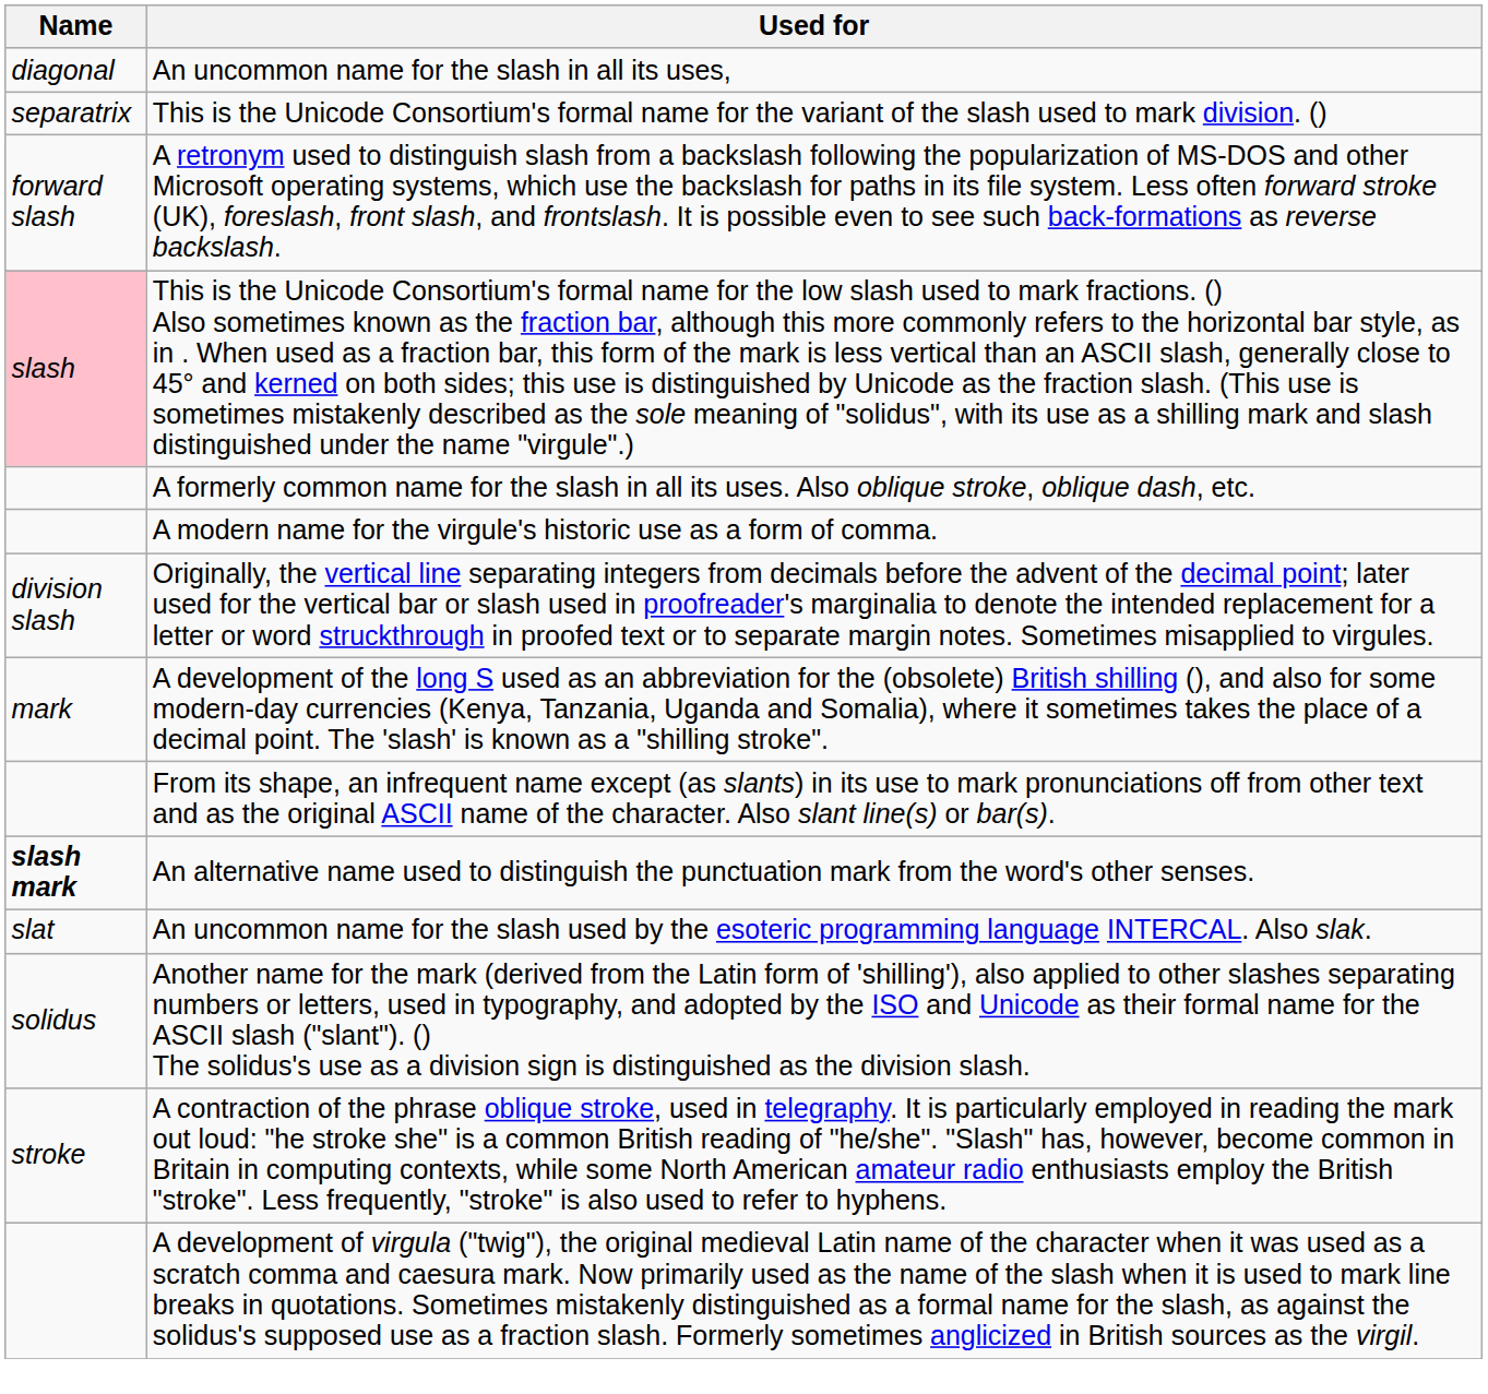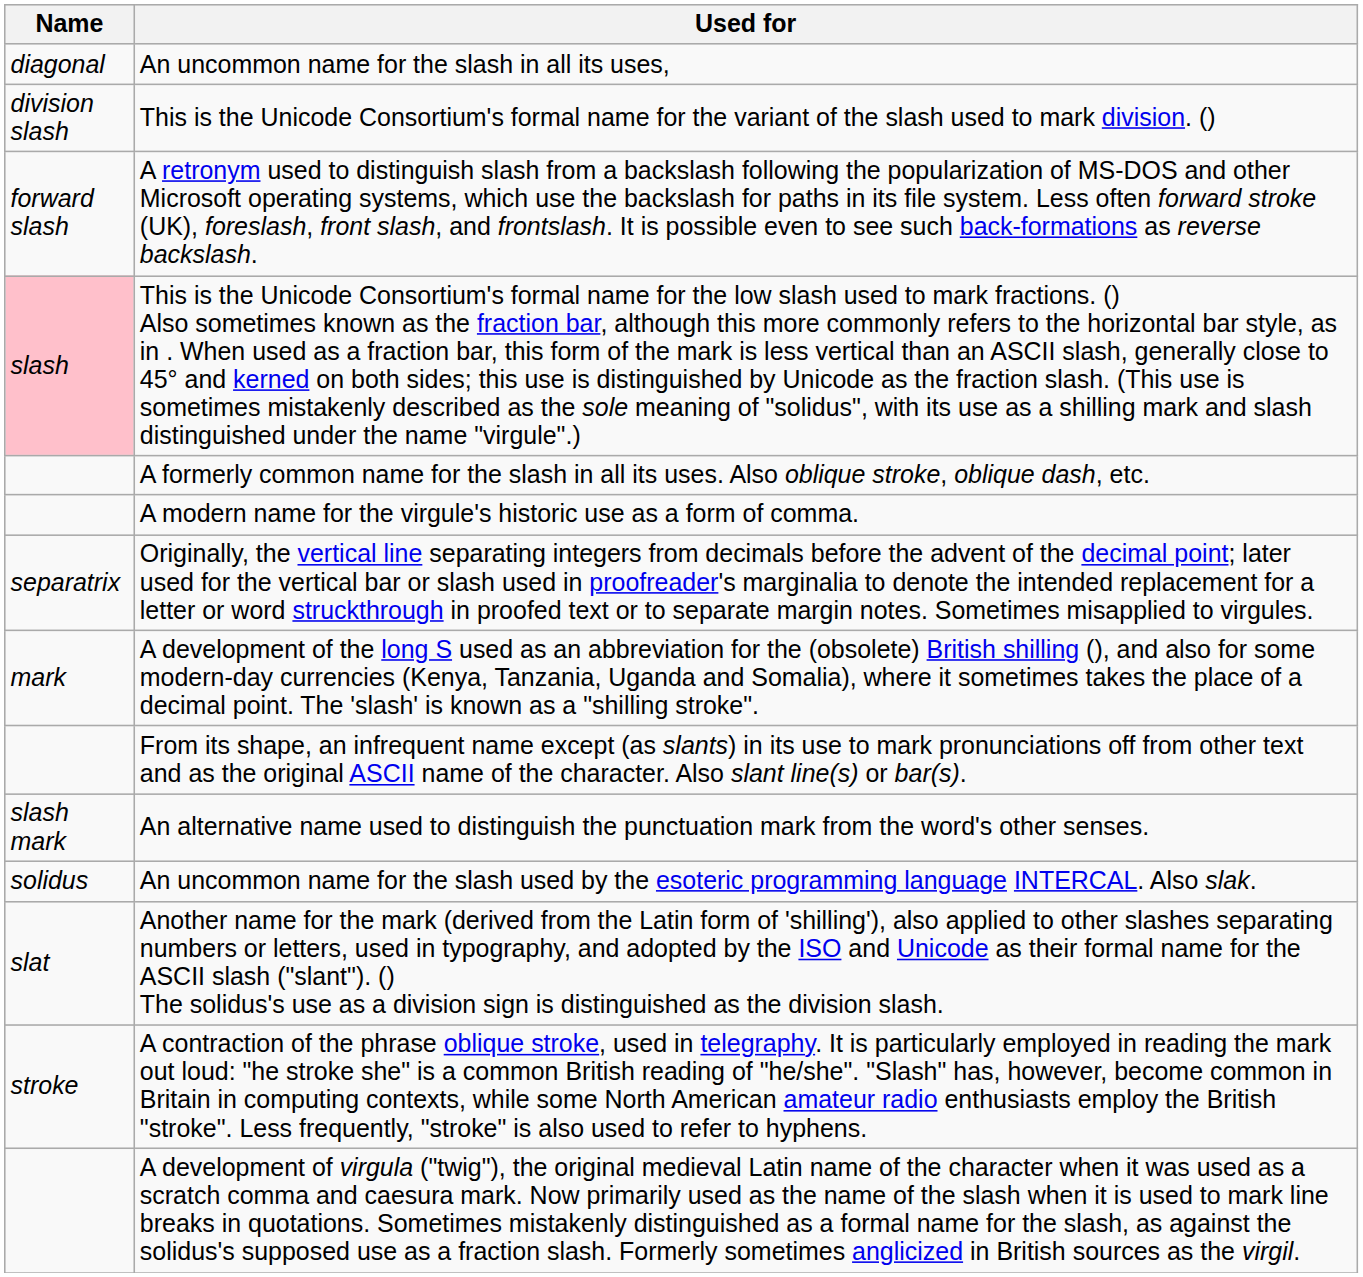 <table class="wikitable">
 <tr>
 <th>Name</th>
 <th>Used for</th>
 </tr>
 <tr>
 <td><em>diagonal</em></td>
 <td>An uncommon name for the slash in all its uses,</td>
 </tr>
 <tr>
-<td><em>separatrix</em></td>
+<td><em>division slash</em></td>
 <td>This is the Unicode Consortium's formal name for the variant of the slash used to mark <a href='#'>division</a>. ()</td>
 </tr>
 <tr>
 <td><em>forward slash</em></td>
 <td>A <a href='#'>retronym</a> used to distinguish slash from a backslash following the popularization of MS-DOS and other Microsoft operating systems, which use the backslash for paths in its file system. Less often <em>forward stroke</em> (UK), <em>foreslash</em>, <em>front slash</em>, and <em>frontslash</em>. It is possible even to see such <a href='#'>back-formations</a> as <em>reverse backslash</em>.</td>
 </tr>
 <tr>
 <td style="background: pink;"><em> slash</em></td>
 <td>This is the Unicode Consortium's formal name for the low slash used to mark fractions. ()<br>Also sometimes known as the <a href='#'>fraction bar</a>, although this more commonly refers to the horizontal bar style, as in . When used as a fraction bar, this form of the mark is less vertical than an ASCII slash, generally close to 45° and <a href='#'>kerned</a> on both sides; this use is distinguished by Unicode as the fraction slash. (This use is sometimes mistakenly described as the <em>sole</em> meaning of "solidus", with its use as a shilling mark and slash distinguished under the name "virgule".)</td>
 </tr>
 <tr>
 <td><em></em></td>
 <td>A formerly common name for the slash in all its uses. Also <em>oblique stroke</em>, <em>oblique dash</em>, etc.</td>
 </tr>
 <tr>
 <td><span></span></td>
 <td>A modern name for the virgule's historic use as a form of comma.</td>
 </tr>
 <tr>
-<td><em>division slash</em></td>
+<td><em>separatrix</em></td>
 <td>Originally, the <a href='#'>vertical line</a> separating integers from decimals before the advent of the <a href='#'>decimal point</a>; later used for the vertical bar or slash used in <a href='#'>proofreader</a>'s marginalia to denote the intended replacement for a letter or word <a href='#'>struckthrough</a> in proofed text or to separate margin notes. Sometimes misapplied to virgules.</td>
 </tr>
 <tr>
 <td><em> mark</em></td>
 <td>A development of the <a href='#'>long S</a>  used as an abbreviation for the (obsolete) <a href='#'>British shilling</a> (), and also for some modern-day currencies (Kenya, Tanzania, Uganda and Somalia), where it sometimes takes the place of a decimal point. The 'slash' is known as a "shilling stroke".</td>
 </tr>
 <tr>
 <td><span></span><em></em></td>
 <td>From its shape, an infrequent name except (as <em>slants</em>) in its use to mark pronunciations off from other text and as the original <a href='#'>ASCII</a> name of the character. Also <em>slant line(s)</em> or <em>bar(s)</em>.</td>
 </tr>
 <tr>
-<td><strong><em>slash mark</em></strong></td>
+<td><em>slash mark</em></td>
 <td>An alternative name used to distinguish the punctuation mark from the word's other senses.</td>
 </tr>
 <tr>
-<td><em>slat</em></td>
+<td><em>solidus</em></td>
 <td>An uncommon name for the slash used by the <a href='#'>esoteric programming language</a> <a href='#'>INTERCAL</a>. Also <em>slak</em>.</td>
 </tr>
 <tr>
-<td><em>solidus</em></td>
+<td><em>slat</em></td>
 <td>Another name for the mark (derived from the Latin form of 'shilling'), also applied to other slashes separating numbers or letters, used in typography, and adopted by the <a href='#'>ISO</a> and <a href='#'>Unicode</a> as their formal name for the ASCII slash ("slant"). ()<br>The solidus's use as a division sign is distinguished as the division slash.</td>
 </tr>
 <tr>
 <td><em>stroke</em></td>
 <td>A contraction of the phrase <a href='#'>oblique stroke</a>, used in <a href='#'>telegraphy</a>. It is particularly employed in reading the mark out loud: "he stroke she" is a common British reading of "he/she". "Slash" has, however, become common in Britain in computing contexts, while some North American <a href='#'>amateur radio</a> enthusiasts employ the British "stroke". Less frequently, "stroke" is also used to refer to hyphens.</td>
 </tr>
 <tr>
 <td><em></em></td>
 <td>A development of <em>virgula</em> ("twig"), the original medieval Latin name of the character when it was used as a scratch comma and caesura mark.  Now primarily used as the name of the slash when it is used to mark line breaks in quotations. Sometimes mistakenly distinguished as a formal name for the slash, as against the solidus's supposed use as a fraction slash. Formerly sometimes <a href='#'>anglicized</a> in British sources as the <em>virgil</em>.</td>
 </tr>
 </table>
